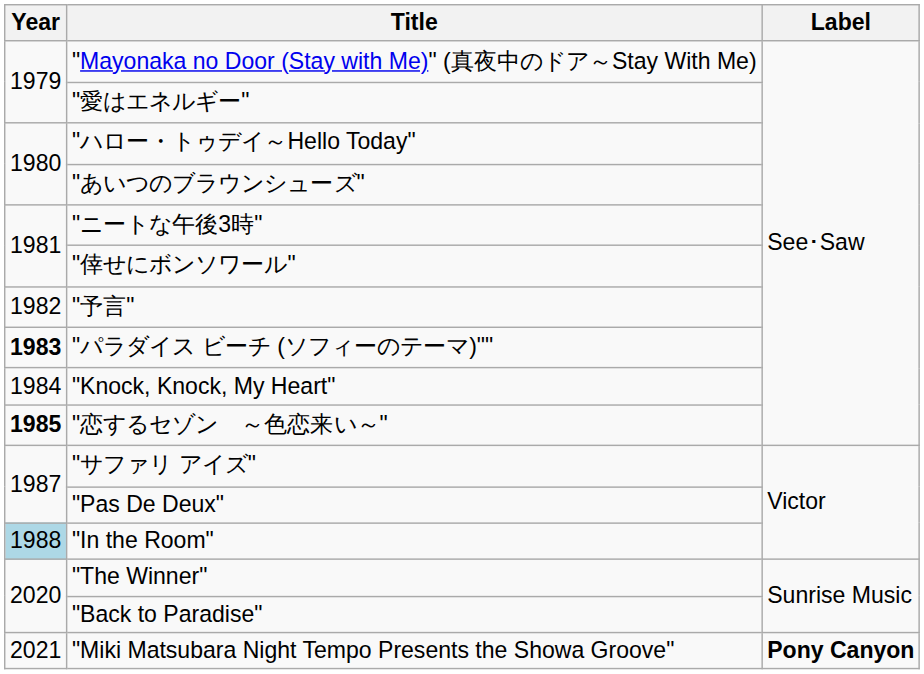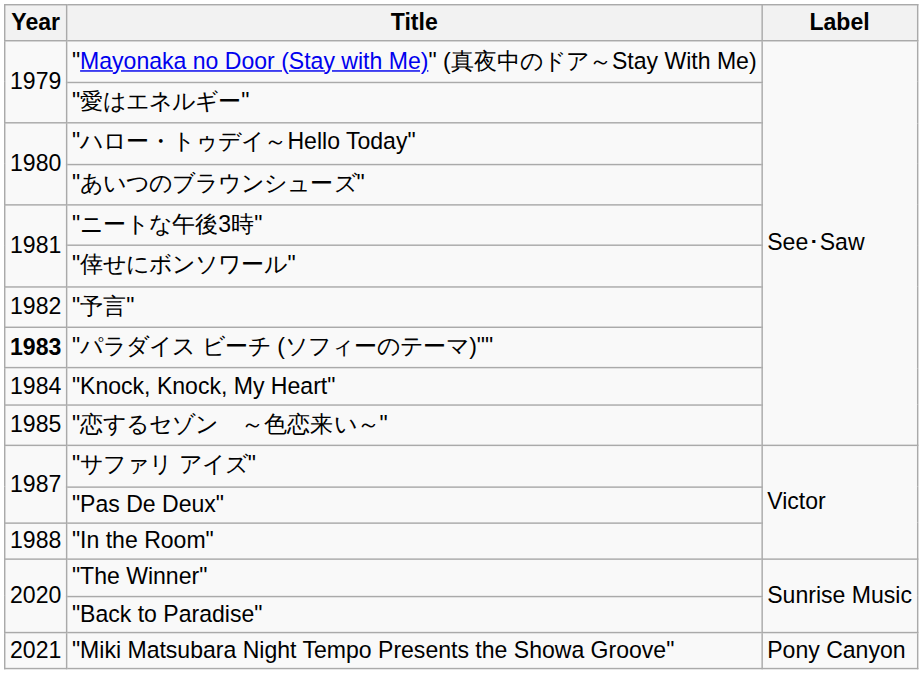 <table class="wikitable">
 <tr>
 <th scope="col">Year</th>
 <th scope="col">Title</th>
 <th scope="col">Label</th>
 </tr>
 <tr>
 <td rowspan=2>1979</td>
 <td>"<a href='#'>Mayonaka no Door (Stay with Me)</a>" (真夜中のドア～Stay With Me)</td>
 <td rowspan=10>See･Saw</td>
 </tr>
 <tr>
 <td>"愛はエネルギー"</td>
 </tr>
 <tr>
 <td rowspan=2>1980</td>
 <td>"ハロー・トゥデイ～Hello Today"</td>
 </tr>
 <tr>
 <td>"あいつのブラウンシューズ"</td>
 </tr>
 <tr>
 <td rowspan=2>1981</td>
 <td>"ニートな午後3時"</td>
 </tr>
 <tr>
 <td>"倖せにボンソワール"</td>
 </tr>
 <tr>
 <td>1982</td>
 <td>"予言"</td>
 </tr>
 <tr>
 <td><strong>1983</strong></td>
 <td>"パラダイス ビーチ (ソフィーのテーマ)""</td>
 </tr>
 <tr>
 <td>1984</td>
 <td>"Knock, Knock, My Heart"</td>
 </tr>
 <tr>
-<td><strong>1985</strong></td>
+<td>1985</td>
 <td>"恋するセゾン　～色恋来い～"</td>
 </tr>
 <tr>
 <td rowspan="2">1987</td>
 <td>"サファリ アイズ"</td>
 <td rowspan="3">Victor</td>
 </tr>
 <tr>
 <td>"Pas De Deux"</td>
 </tr>
 <tr>
-<td style="background: lightblue;">1988</td>
+<td>1988</td>
 <td>"In the Room"</td>
 </tr>
 <tr>
 <td rowspan=2>2020</td>
 <td>"The Winner"</td>
 <td rowspan=2>Sunrise Music</td>
 </tr>
 <tr>
 <td>"Back to Paradise"</td>
 </tr>
 <tr>
 <td>2021</td>
 <td>"Miki Matsubara Night Tempo Presents the Showa Groove"</td>
-<td rowspan=1><strong>Pony Canyon</strong></td>
+<td rowspan=1>Pony Canyon</td>
 </tr>
 </table>
